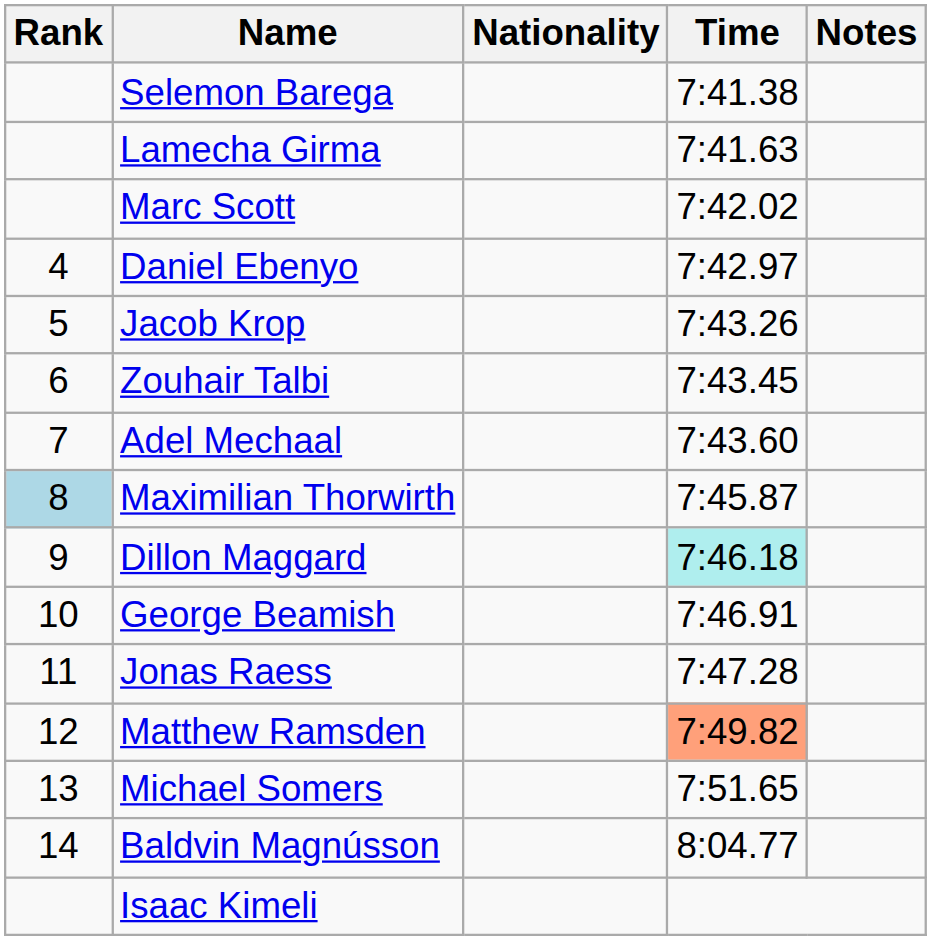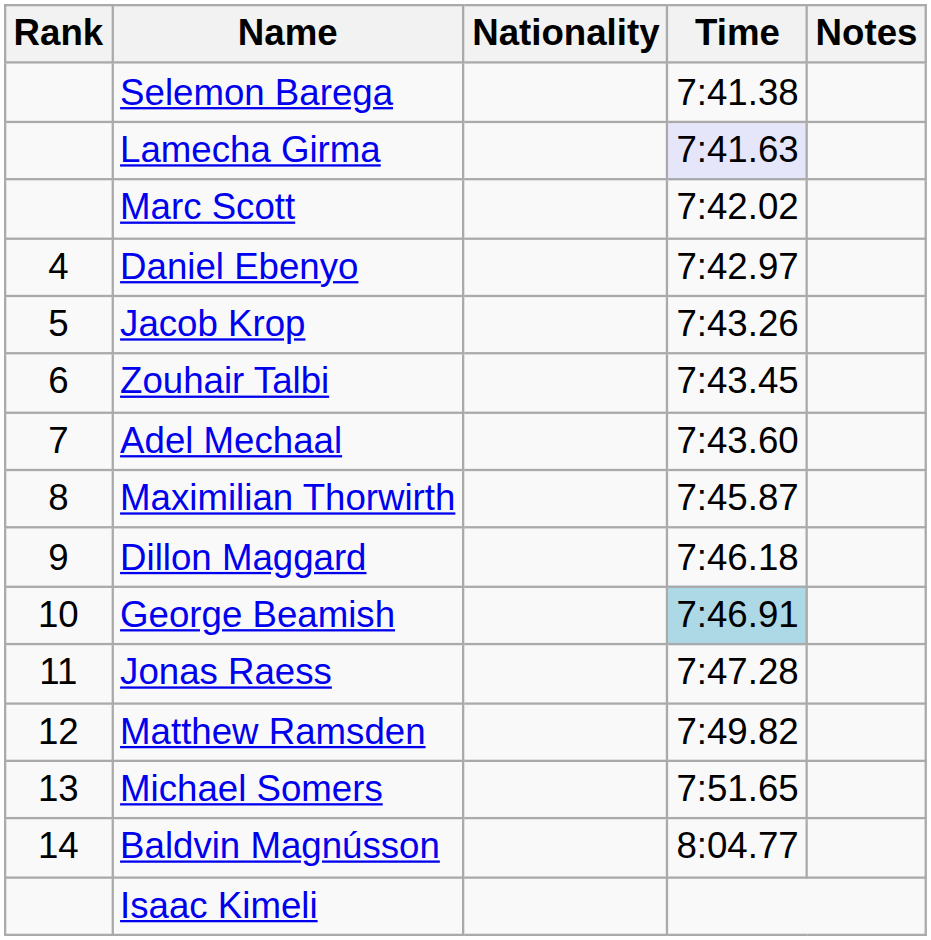 <table class="wikitable sortable" style="text-align:center">
 <tr>
 <th>Rank</th>
 <th>Name</th>
 <th>Nationality</th>
 <th>Time</th>
 <th>Notes</th>
 </tr>
 <tr>
 <td></td>
 <td align="left"><a href='#'>Selemon Barega</a></td>
 <td align=left></td>
 <td>7:41.38</td>
 <td></td>
 </tr>
 <tr>
 <td></td>
 <td align="left"><a href='#'>Lamecha Girma</a></td>
 <td align=left></td>
-<td>7:41.63</td>
+<td style="background: lavender;">7:41.63</td>
 <td></td>
 </tr>
 <tr>
 <td></td>
 <td align="left"><a href='#'>Marc Scott</a></td>
 <td align=left></td>
 <td>7:42.02</td>
 <td></td>
 </tr>
 <tr>
 <td>4</td>
 <td align="left"><a href='#'>Daniel Ebenyo</a></td>
 <td align=left></td>
 <td>7:42.97</td>
 <td></td>
 </tr>
 <tr>
 <td>5</td>
 <td align="left"><a href='#'>Jacob Krop</a></td>
 <td align=left></td>
 <td>7:43.26</td>
 <td></td>
 </tr>
 <tr>
 <td>6</td>
 <td align="left"><a href='#'>Zouhair Talbi</a></td>
 <td align=left></td>
 <td>7:43.45</td>
 <td></td>
 </tr>
 <tr>
 <td>7</td>
 <td align="left"><a href='#'>Adel Mechaal</a></td>
 <td align=left></td>
 <td>7:43.60</td>
 <td></td>
 </tr>
 <tr>
-<td style="background: lightblue;">8</td>
+<td>8</td>
 <td align="left"><a href='#'>Maximilian Thorwirth</a></td>
 <td align=left></td>
 <td>7:45.87</td>
 <td></td>
 </tr>
 <tr>
 <td>9</td>
 <td align="left"><a href='#'>Dillon Maggard</a></td>
 <td align=left></td>
-<td style="background: paleturquoise;">7:46.18</td>
+<td>7:46.18</td>
 <td></td>
 </tr>
 <tr>
 <td>10</td>
 <td align="left"><a href='#'>George Beamish</a></td>
 <td align=left></td>
-<td>7:46.91</td>
+<td style="background: lightblue;">7:46.91</td>
 <td></td>
 </tr>
 <tr>
 <td>11</td>
 <td align="left"><a href='#'>Jonas Raess</a></td>
 <td align=left></td>
 <td>7:47.28</td>
 <td></td>
 </tr>
 <tr>
 <td>12</td>
 <td align="left"><a href='#'>Matthew Ramsden</a></td>
 <td align=left></td>
-<td style="background: lightsalmon;">7:49.82</td>
+<td>7:49.82</td>
 <td></td>
 </tr>
 <tr>
 <td>13</td>
 <td align="left"><a href='#'>Michael Somers</a></td>
 <td align=left></td>
 <td>7:51.65</td>
 <td></td>
 </tr>
 <tr>
 <td>14</td>
 <td align="left"><a href='#'>Baldvin Magnússon</a></td>
 <td align=left></td>
 <td>8:04.77</td>
 <td></td>
 </tr>
 <tr>
 <td></td>
 <td align="left"><a href='#'>Isaac Kimeli</a></td>
 <td align=left></td>
 <td colspan=2></td>
 </tr>
 </table>
